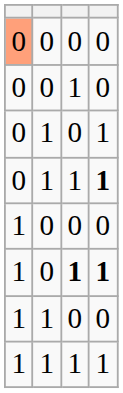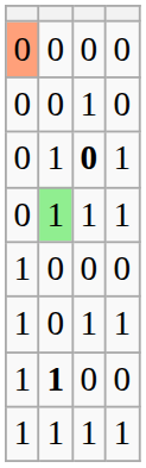 <table class="wikitable">
 <tr>
 <th></th>
 <th></th>
 <th></th>
 <th></th>
 </tr>
 <tr>
 <td style="background: lightsalmon;">0</td>
 <td>0</td>
 <td>0</td>
 <td>0</td>
 </tr>
 <tr>
 <td>0</td>
 <td>0</td>
 <td>1</td>
 <td>0</td>
 </tr>
 <tr>
 <td>0</td>
 <td>1</td>
-<td>0</td>
+<td><strong>0</strong></td>
 <td>1</td>
 </tr>
 <tr>
 <td>0</td>
+<td style="background: lightgreen;">1</td>
 <td>1</td>
 <td>1</td>
-<td><strong>1</strong></td>
 </tr>
 <tr>
 <td>1</td>
 <td>0</td>
 <td>0</td>
 <td>0</td>
 </tr>
 <tr>
 <td>1</td>
 <td>0</td>
-<td><strong>1</strong></td>
-<td><strong>1</strong></td>
+<td>1</td>
+<td>1</td>
 </tr>
 <tr>
 <td>1</td>
-<td>1</td>
+<td><strong>1</strong></td>
 <td>0</td>
 <td>0</td>
 </tr>
 <tr>
 <td>1</td>
 <td>1</td>
 <td>1</td>
 <td>1</td>
 </tr>
 </table>
